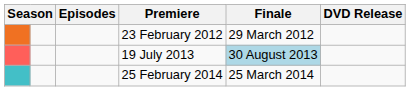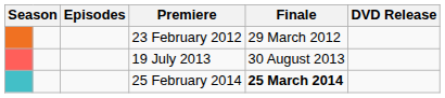 <table class="wikitable">
 <tr>
 <th colspan="2">Season</th>
 <th>Episodes</th>
 <th>Premiere</th>
 <th>Finale</th>
 <th>DVD Release</th>
 </tr>
 <tr>
 <td style="background-color: #f07122; color: #100; text-align: center; top"></td>
 <td></td>
 <td></td>
 <td>23 February 2012</td>
 <td>29 March 2012</td>
 <td></td>
 </tr>
 <tr>
 <td style="background-color: #FF5F5A; color: #100; text-align: center; top"></td>
 <td></td>
 <td></td>
 <td>19 July 2013</td>
-<td style="background: lightblue;">30 August 2013</td>
+<td>30 August 2013</td>
 <td></td>
 </tr>
 <tr>
 <td style="background-color: #43BFC7; color: #100; text-align: center; top"></td>
 <td></td>
 <td></td>
 <td>25 February 2014</td>
-<td>25 March 2014</td>
+<td><strong>25 March 2014</strong></td>
 <td></td>
 </tr>
 </table>
